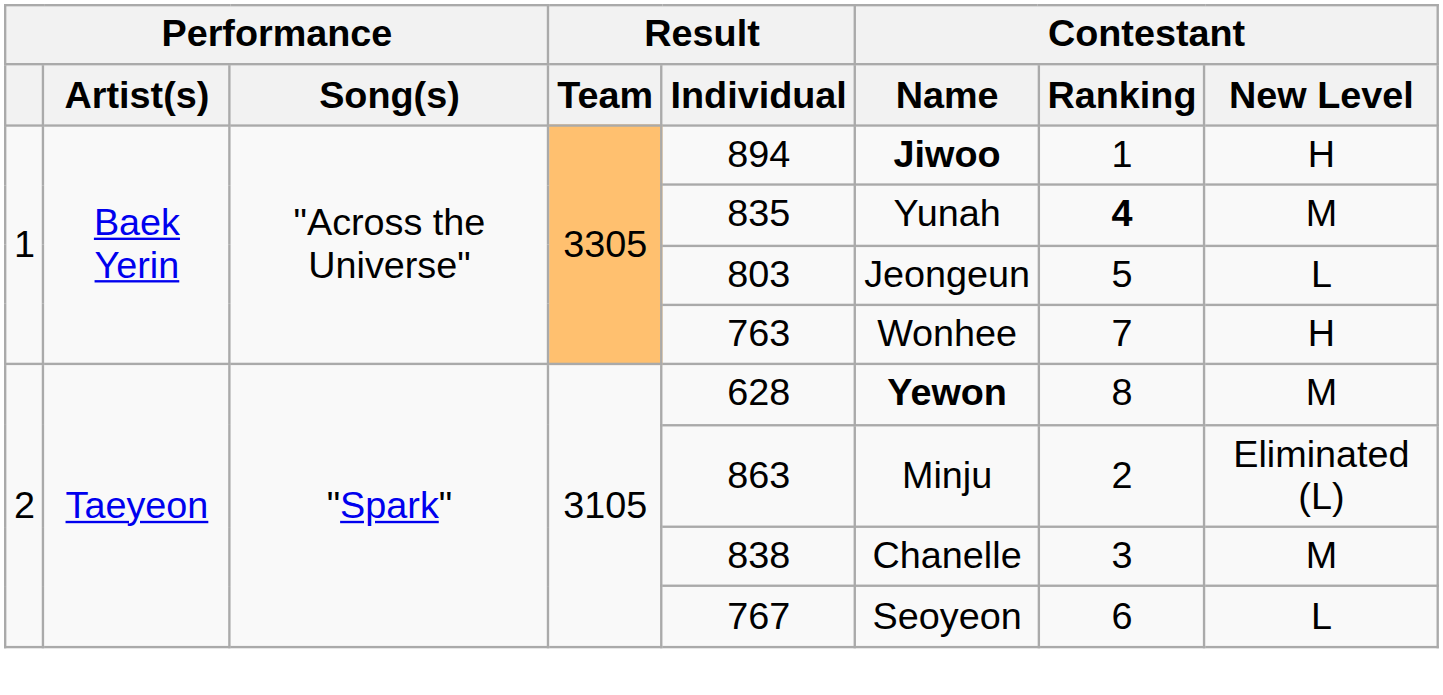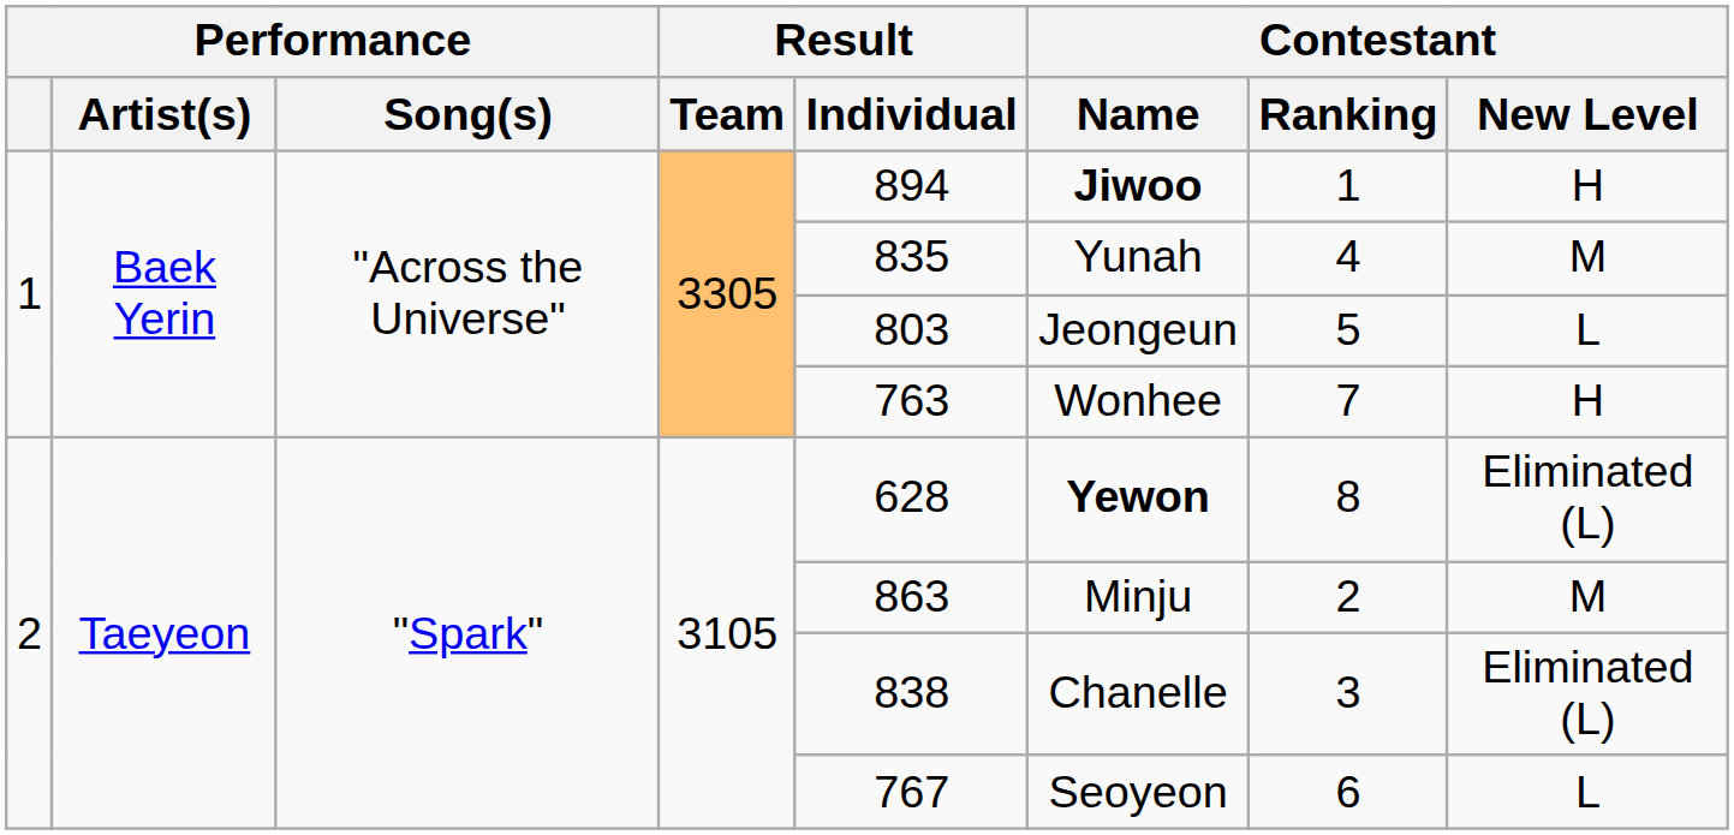 <table class="wikitable collapsible" style="text-align:center">
 <tr>
 <th colspan="3">Performance</th>
 <th colspan="2">Result</th>
 <th colspan="3">Contestant</th>
 </tr>
 <tr>
 <th></th>
 <th>Artist(s)</th>
 <th>Song(s)</th>
 <th>Team</th>
 <th>Individual</th>
 <th>Name</th>
 <th>Ranking</th>
 <th>New Level</th>
 </tr>
 <tr>
 <td rowspan="4">1</td>
 <td rowspan="4"><a href='#'>Baek Yerin</a></td>
 <td rowspan="4">"Across the Universe"</td>
 <td rowspan="4" style="background:#FFC06F">3305</td>
 <td>894</td>
 <td><strong>Jiwoo</strong></td>
 <td>1</td>
 <td>H</td>
 </tr>
 <tr>
 <td>835</td>
 <td>Yunah</td>
-<td><strong>4</strong></td>
+<td>4</td>
 <td>M</td>
 </tr>
 <tr>
 <td>803</td>
 <td>Jeongeun</td>
 <td>5</td>
 <td>L</td>
 </tr>
 <tr>
 <td>763</td>
 <td>Wonhee</td>
 <td>7</td>
 <td>H</td>
 </tr>
 <tr>
 <td rowspan="4">2</td>
 <td rowspan="4"><a href='#'>Taeyeon</a></td>
 <td rowspan="4">"<a href='#'>Spark</a>"</td>
 <td rowspan="4">3105</td>
 <td>628</td>
 <td><strong>Yewon</strong></td>
 <td>8</td>
-<td>M</td>
+<td>Eliminated (L)</td>
 </tr>
 <tr>
 <td>863</td>
 <td>Minju</td>
 <td>2</td>
-<td>Eliminated (L)</td>
+<td>M</td>
 </tr>
 <tr>
 <td>838</td>
 <td>Chanelle</td>
 <td>3</td>
-<td>M</td>
+<td>Eliminated (L)</td>
 </tr>
 <tr>
 <td>767</td>
 <td>Seoyeon</td>
 <td>6</td>
 <td>L</td>
 </tr>
 </table>
